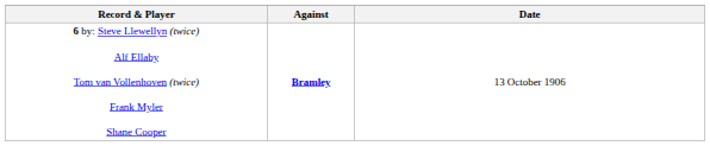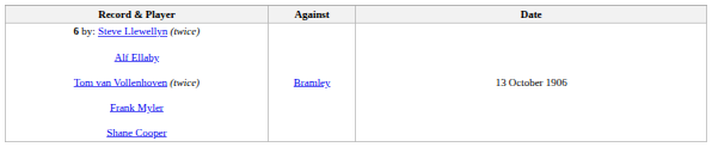 <table class="wikitable sortable" width="75%" style="font-size:90%">
 <tr bgcolor="#efefef">
 </tr>
 <tr bgcolor="#efefef">
 <th width=30%>Record & Player</th>
 <th width=10%>Against</th>
 <th width=40%>Date</th>
 </tr>
 <tr bgcolor=#FFFFFF>
 <td align=center><strong>6</strong> by:  <a href='#'>Steve Llewellyn</a> <em>(twice)</em><br><br> <a href='#'>Alf Ellaby</a><br><br>  <a href='#'>Tom van Vollenhoven</a> <em>(twice)</em><br><br> <a href='#'>Frank Myler</a><br><br> <a href='#'>Shane Cooper</a></td>
-<td align=center><strong><a href='#'>Bramley</a></strong></td>
+<td align=center><a href='#'>Bramley</a></td>
 <td align=center>13 October 1906</td>
 </tr>
 </table>
